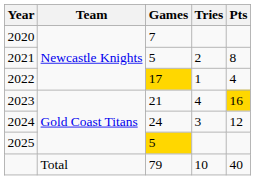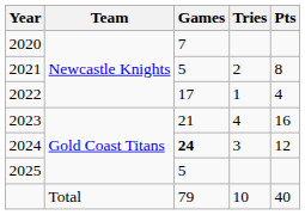 <table class="wikitable">
 <tr>
 <th>Year</th>
 <th>Team</th>
 <th>Games</th>
 <th>Tries</th>
 <th>Pts</th>
 </tr>
 <tr>
 <td>2020</td>
 <td rowspan="3"> <a href='#'>Newcastle Knights</a></td>
 <td>7</td>
 <td></td>
 <td></td>
 </tr>
 <tr>
 <td>2021</td>
 <td>5</td>
 <td>2</td>
 <td>8</td>
 </tr>
 <tr>
 <td>2022</td>
-<td style="background: gold;">17</td>
+<td>17</td>
 <td>1</td>
 <td>4</td>
 </tr>
 <tr>
 <td>2023</td>
 <td rowspan="3"> <a href='#'>Gold Coast Titans</a></td>
 <td>21</td>
 <td>4</td>
-<td style="background: gold;">16</td>
+<td>16</td>
 </tr>
 <tr>
 <td>2024</td>
-<td>24</td>
+<td><strong>24</strong></td>
 <td>3</td>
 <td>12</td>
 </tr>
 <tr>
 <td>2025</td>
-<td style="background: gold;">5</td>
+<td>5</td>
 <td></td>
 <td></td>
 </tr>
 <tr>
 <td></td>
 <td>Total</td>
 <td>79</td>
 <td>10</td>
 <td>40</td>
 </tr>
 </table>
